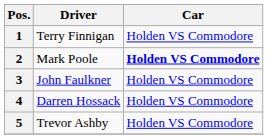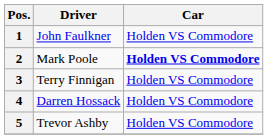 <table class="wikitable" style="font-size: 85%">
 <tr>
 <th valign="middle">Pos.</th>
 <th valign="middle">Driver</th>
 <th valign="middle">Car</th>
 </tr>
 <tr>
 <th>1</th>
-<td>Terry Finnigan</td>
+<td><a href='#'>John Faulkner</a></td>
 <td><a href='#'>Holden VS Commodore</a></td>
 </tr>
 <tr>
 <th>2</th>
 <td>Mark Poole</td>
 <td><strong><a href='#'>Holden VS Commodore</a></strong></td>
 </tr>
 <tr>
 <th>3</th>
-<td><a href='#'>John Faulkner</a></td>
+<td>Terry Finnigan</td>
 <td><a href='#'>Holden VS Commodore</a></td>
 </tr>
 <tr>
 <th>4</th>
 <td><a href='#'>Darren Hossack</a></td>
 <td><a href='#'>Holden VS Commodore</a></td>
 </tr>
 <tr>
 <th>5</th>
 <td>Trevor Ashby</td>
 <td><a href='#'>Holden VS Commodore</a></td>
 </tr>
 <tr>
 </tr>
 </table>
